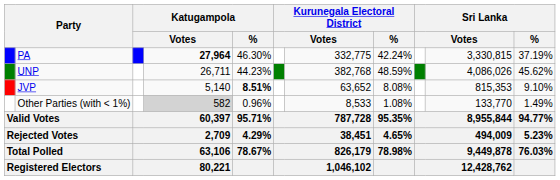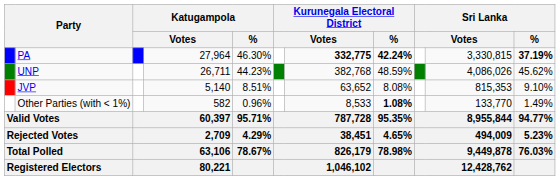 <table class="wikitable">
 <tr>
 <th colspan="2" width="144px"rowspan="2">Party</th>
 <th colspan="3" width="216px">Katugampola</th>
 <th colspan="3" width="216px"><a href='#'>Kurunegala Electoral District</a></th>
 <th colspan="3" width="216px">Sri Lanka</th>
 </tr>
 <tr>
 <th colspan="2" width="144px">Votes</th>
 <th>%</th>
 <th colspan="2" width="144px">Votes</th>
 <th>%</th>
 <th colspan="2" width="144px">Votes</th>
 <th>%</th>
 </tr>
 <tr>
 <td style="background-color:blue;" width="10px"></td>
 <td style="text-align:left;"><a href='#'>PA</a></td>
 <td style="background-color:blue;" width="10px"></td>
-<td style="text-align:right;"><strong>27,964</strong></td>
+<td style="text-align:right;">27,964</td>
 <td style="text-align:right;">46.30%</td>
 <td style="background-color:white;" width="10px"></td>
-<td style="text-align:right;">332,775</td>
-<td style="text-align:right;">42.24%</td>
+<td style="text-align:right;"><strong>332,775</strong></td>
+<td style="text-align:right;"><strong>42.24%</strong></td>
 <td style="background-color:white;" width="10px"></td>
 <td style="text-align:right;">3,330,815</td>
-<td style="text-align:right;">37.19%</td>
+<td style="text-align:right;"><strong>37.19%</strong></td>
 </tr>
 <tr>
 <td style="background-color:green;" width="10px"></td>
 <td style="text-align:left;"><a href='#'>UNP</a></td>
 <td style="background-color:white;" width="10px"></td>
 <td style="text-align:right;">26,711</td>
 <td style="text-align:right;">44.23%</td>
 <td style="background-color:green;" width="10px"></td>
 <td style="text-align:right;">382,768</td>
 <td style="text-align:right;">48.59%</td>
 <td style="background-color:green;" width="10px"></td>
 <td style="text-align:right;">4,086,026</td>
 <td style="text-align:right;">45.62%</td>
 </tr>
 <tr>
 <td style="background-color:red;" width="10px"></td>
 <td style="text-align:left;"><a href='#'>JVP</a></td>
 <td style="background-color:white;" width="10px"></td>
 <td style="text-align:right;">5,140</td>
-<td style="text-align:right;"><strong>8.51%</strong></td>
+<td style="text-align:right;">8.51%</td>
 <td style="background-color:white;" width="10px"></td>
 <td style="text-align:right;">63,652</td>
 <td style="text-align:right;">8.08%</td>
 <td style="background-color:white;" width="10px"></td>
 <td style="text-align:right;">815,353</td>
 <td style="text-align:right;">9.10%</td>
 </tr>
 <tr>
 <td style="background-color:white;" width="10px"></td>
 <td style="text-align:left;">Other Parties (with < 1%)</td>
 <td style="background-color:white;" width="10px"></td>
-<td style="background: lightgrey; text-align:right;">582</td>
+<td style="text-align:right;">582</td>
 <td style="text-align:right;">0.96%</td>
 <td style="background-color:white;" width="10px"></td>
 <td style="text-align:right;">8,533</td>
-<td style="text-align:right;">1.08%</td>
+<td style="text-align:right;"><strong>1.08%</strong></td>
 <td style="background-color:white;" width="10px"></td>
 <td style="text-align:right;">133,770</td>
 <td style="text-align:right;">1.49%</td>
 </tr>
 <tr>
 <th colspan="2" width="144px"style="text-align:left;">Valid Votes</th>
 <th style="text-align:right;"colspan="2" width="144px">60,397</th>
 <th style="text-align:right;">95.71%</th>
 <th style="text-align:right;"colspan="2" width="144px">787,728</th>
 <th style="text-align:right;">95.35%</th>
 <th style="text-align:right;"colspan="2" width="144px">8,955,844</th>
 <th style="text-align:right;">94.77%</th>
 </tr>
 <tr>
 <th colspan="2" width="144px"style="text-align:left;">Rejected Votes</th>
 <th style="text-align:right;"colspan="2" width="144px">2,709</th>
 <th style="text-align:right;">4.29%</th>
 <th style="text-align:right;"colspan="2" width="144px">38,451</th>
 <th style="text-align:right;">4.65%</th>
 <th style="text-align:right;"colspan="2" width="144px">494,009</th>
 <th style="text-align:right;">5.23%</th>
 </tr>
 <tr>
 <th colspan="2" width="144px"style="text-align:left;">Total Polled</th>
 <th style="text-align:right;"colspan="2" width="144px">63,106</th>
 <th style="text-align:right;">78.67%</th>
 <th style="text-align:right;"colspan="2" width="144px">826,179</th>
 <th style="text-align:right;">78.98%</th>
 <th style="text-align:right;"colspan="2" width="144px">9,449,878</th>
 <th style="text-align:right;">76.03%</th>
 </tr>
 <tr>
 <th colspan="2" width="144px"style="text-align:left;">Registered Electors</th>
 <th style="text-align:right;"colspan="2" width="144px">80,221</th>
 <th></th>
 <th style="text-align:right;"colspan="2" width="144px">1,046,102</th>
 <th></th>
 <th style="text-align:right;"colspan="2" width="144px">12,428,762</th>
 <th></th>
 </tr>
 </table>
